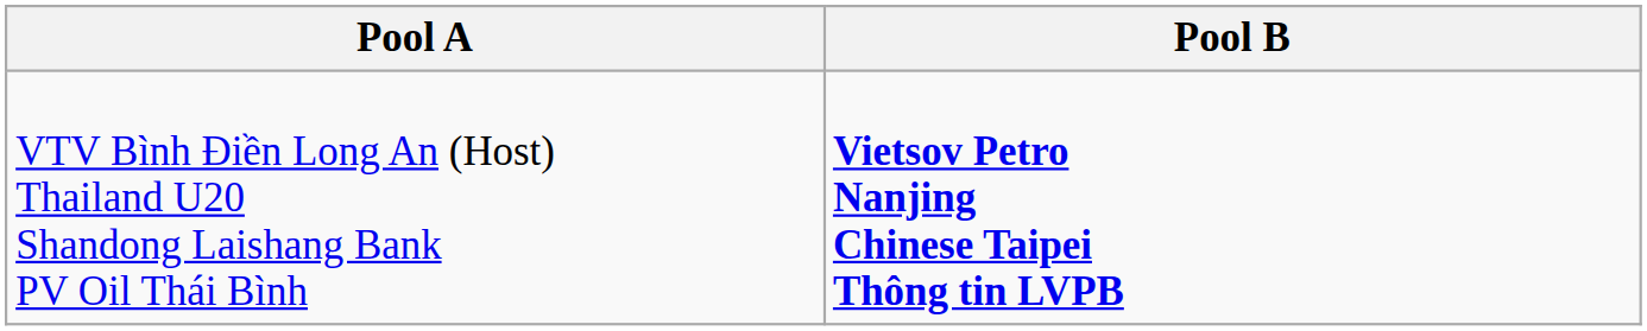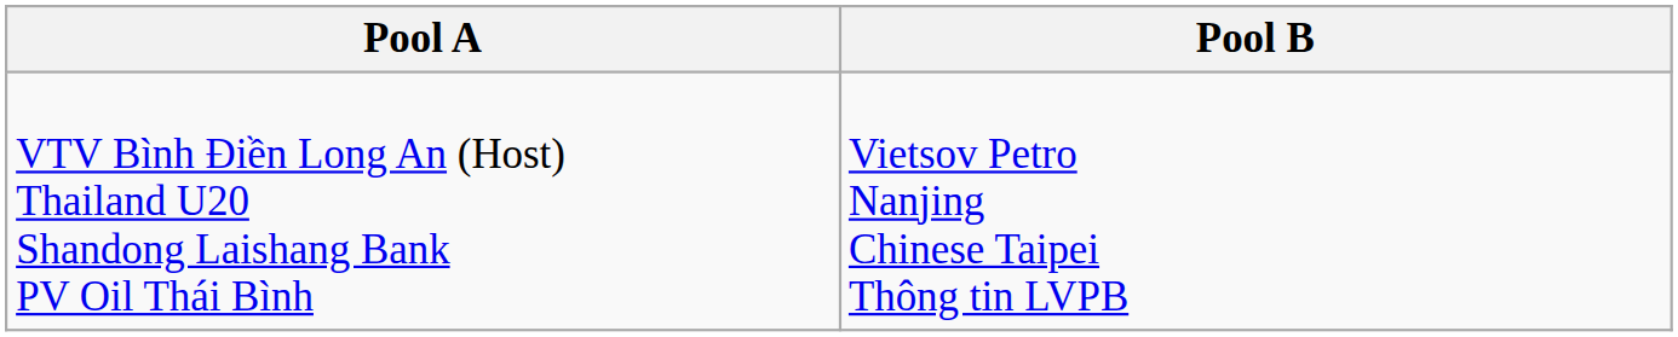 <table class="wikitable" width=50%>
 <tr>
 <th width=50%>Pool A</th>
 <th width=50%>Pool B</th>
 </tr>
 <tr>
 <td><br> <a href='#'>VTV Bình Điền Long An</a> (Host)<br>  <a href='#'>Thailand U20</a> <br>   <a href='#'>Shandong Laishang Bank</a>    <br>  <a href='#'>PV Oil Thái Bình</a><br></td>
-<td><strong><br> <a href='#'>Vietsov Petro</a> <br>    <a href='#'>Nanjing</a><br>    <a href='#'>Chinese Taipei</a><br>    <a href='#'>Thông tin LVPB</a>  <br></strong></td>
+<td><br> <a href='#'>Vietsov Petro</a> <br>    <a href='#'>Nanjing</a><br>    <a href='#'>Chinese Taipei</a><br>    <a href='#'>Thông tin LVPB</a>  <br></td>
 </tr>
 </table>
